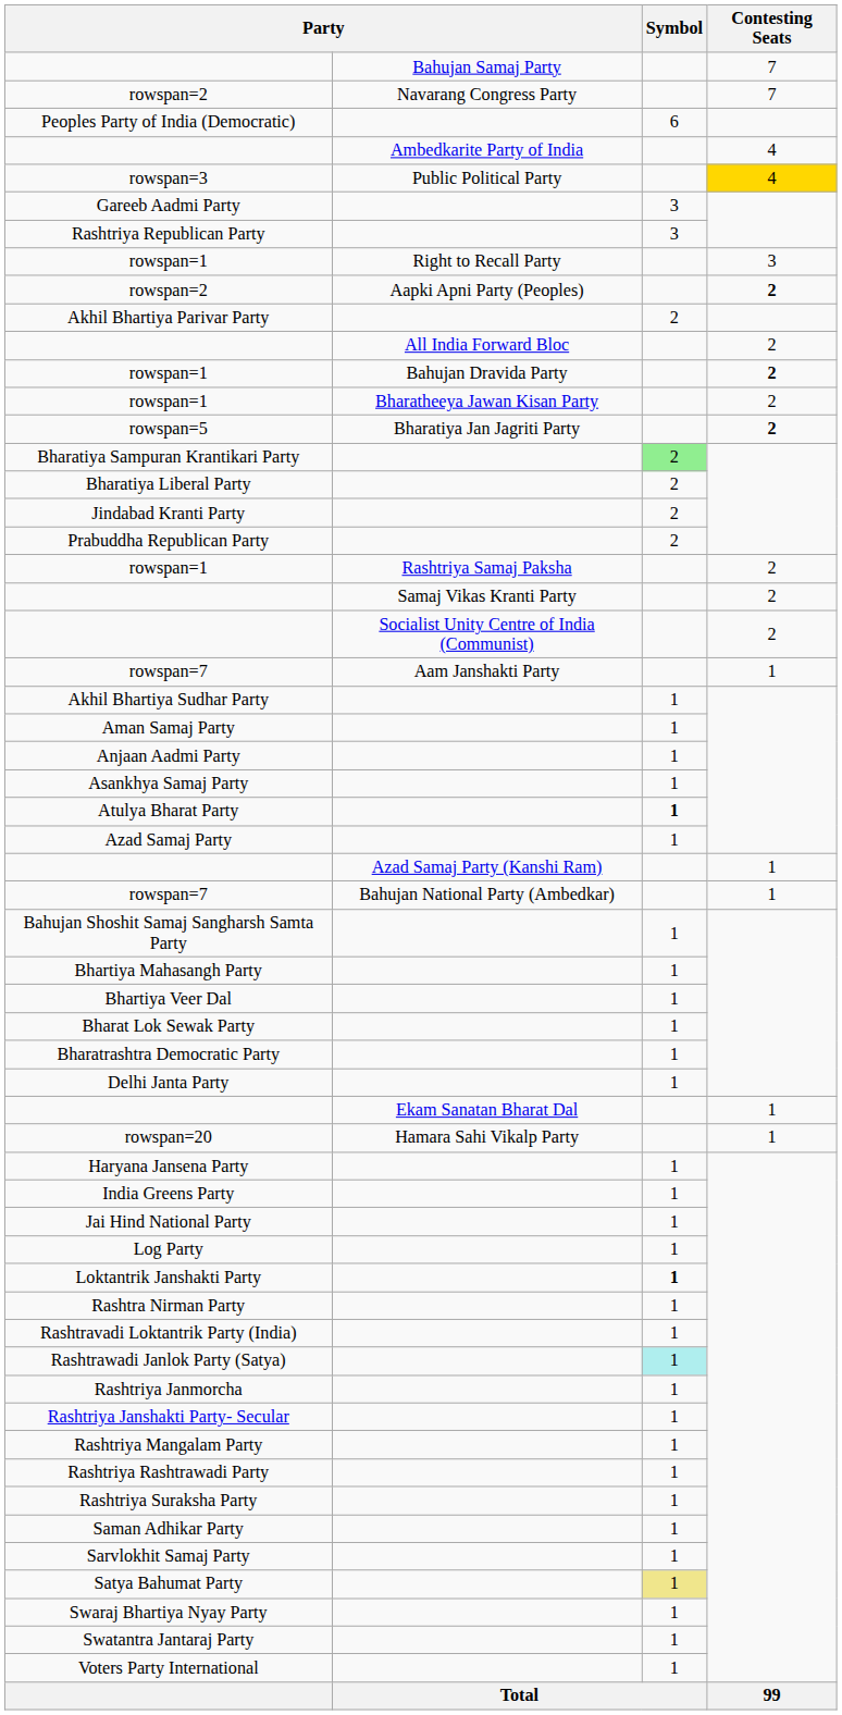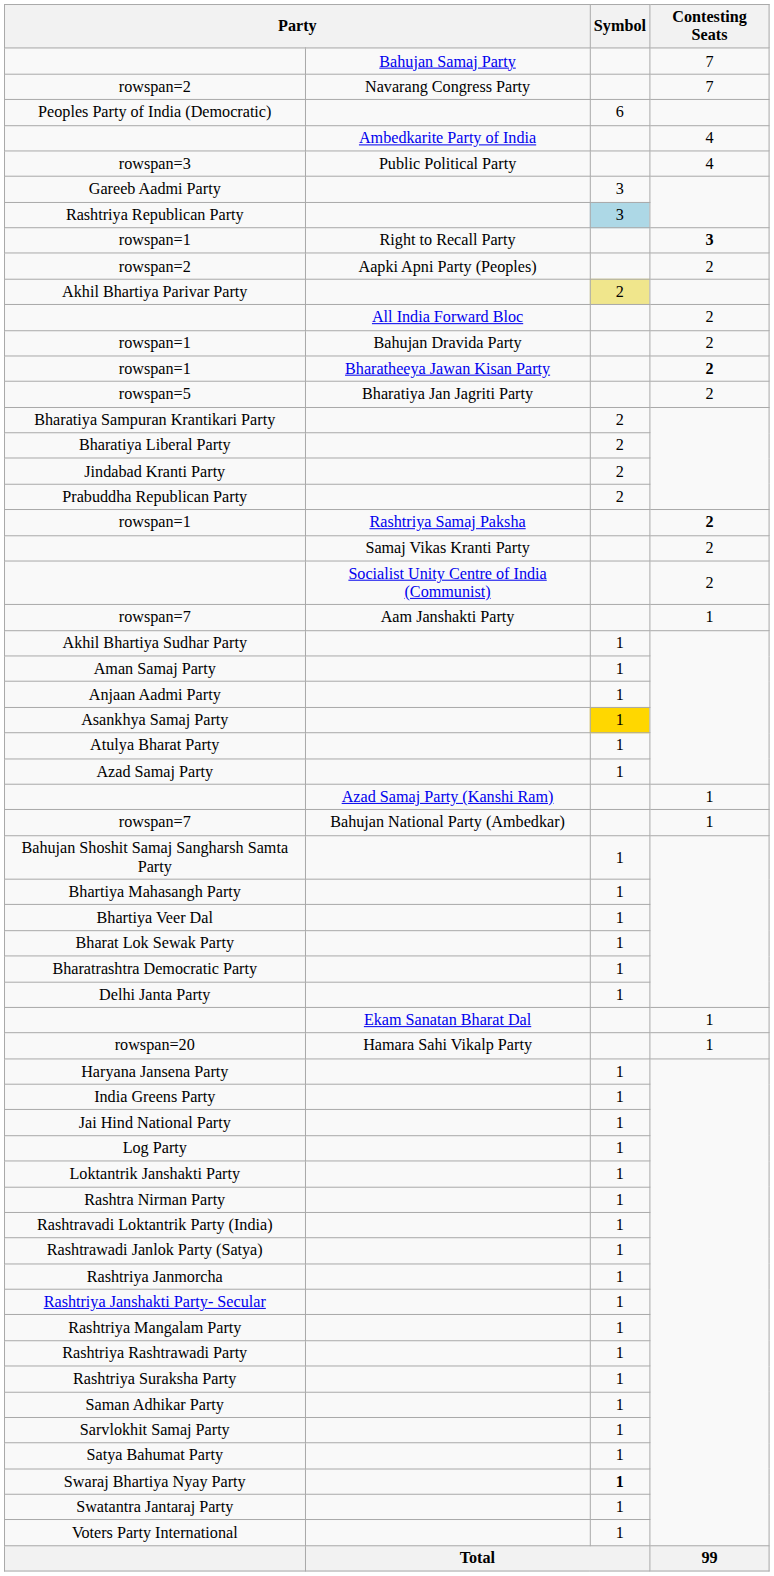 <table class="wikitable" width="60%"style="text-align:center">
 <tr>
 <th colspan="2">Party</th>
 <th>Symbol</th>
 <th>Contesting Seats</th>
 </tr>
 <tr>
 <td></td>
 <td><a href='#'>Bahujan Samaj Party</a></td>
 <td></td>
 <td>7</td>
 </tr>
 <tr>
 <td>rowspan=2 </td>
 <td>Navarang Congress Party</td>
 <td></td>
 <td>7</td>
 </tr>
 <tr>
 <td>Peoples Party of India (Democratic)</td>
 <td></td>
 <td>6</td>
 </tr>
 <tr>
 <td></td>
 <td><a href='#'>Ambedkarite Party of India</a></td>
 <td></td>
 <td>4</td>
 </tr>
 <tr>
 <td>rowspan=3 </td>
 <td>Public Political Party</td>
 <td></td>
-<td style="background: gold;">4</td>
+<td>4</td>
 </tr>
 <tr>
 <td>Gareeb Aadmi Party</td>
 <td></td>
 <td>3</td>
 </tr>
 <tr>
 <td>Rashtriya Republican Party</td>
 <td></td>
-<td>3</td>
+<td style="background: lightblue;">3</td>
 </tr>
 <tr>
 <td>rowspan=1 </td>
 <td>Right to Recall Party</td>
 <td></td>
-<td>3</td>
+<td><strong>3</strong></td>
 </tr>
 <tr>
 <td>rowspan=2 </td>
 <td>Aapki Apni Party (Peoples)</td>
 <td></td>
-<td><strong>2</strong></td>
+<td>2</td>
 </tr>
 <tr>
 <td>Akhil Bhartiya Parivar Party</td>
 <td></td>
-<td>2</td>
+<td style="background: khaki;">2</td>
 </tr>
 <tr>
 <td></td>
 <td><a href='#'>All India Forward Bloc</a></td>
 <td></td>
 <td>2</td>
 </tr>
 <tr>
 <td>rowspan=1 </td>
 <td>Bahujan Dravida Party</td>
 <td></td>
-<td><strong>2</strong></td>
+<td>2</td>
 </tr>
 <tr>
 <td>rowspan=1 </td>
 <td><a href='#'>Bharatheeya Jawan Kisan Party</a></td>
 <td></td>
-<td>2</td>
+<td><strong>2</strong></td>
 </tr>
 <tr>
 <td>rowspan=5 </td>
 <td>Bharatiya Jan Jagriti Party</td>
 <td></td>
-<td><strong>2</strong></td>
+<td>2</td>
 </tr>
 <tr>
 <td>Bharatiya Sampuran Krantikari Party</td>
 <td></td>
-<td style="background: lightgreen;">2</td>
+<td>2</td>
 </tr>
 <tr>
 <td>Bharatiya Liberal Party</td>
 <td></td>
 <td>2</td>
 </tr>
 <tr>
 <td>Jindabad Kranti Party</td>
 <td></td>
 <td>2</td>
 </tr>
 <tr>
 <td>Prabuddha Republican Party</td>
 <td></td>
 <td>2</td>
 </tr>
 <tr>
 <td>rowspan=1 </td>
 <td><a href='#'>Rashtriya Samaj Paksha</a></td>
 <td></td>
-<td>2</td>
+<td><strong>2</strong></td>
 </tr>
 <tr>
 <td></td>
 <td>Samaj Vikas Kranti Party</td>
 <td></td>
 <td>2</td>
 </tr>
 <tr>
 <td></td>
 <td><a href='#'>Socialist Unity Centre of India (Communist)</a></td>
 <td></td>
 <td>2</td>
 </tr>
 <tr>
 <td>rowspan=7 </td>
 <td>Aam Janshakti Party</td>
 <td></td>
 <td>1</td>
 </tr>
 <tr>
 <td>Akhil Bhartiya Sudhar Party</td>
 <td></td>
 <td>1</td>
 </tr>
 <tr>
 <td>Aman Samaj Party</td>
 <td></td>
 <td>1</td>
 </tr>
 <tr>
 <td>Anjaan Aadmi Party</td>
 <td></td>
 <td>1</td>
 </tr>
 <tr>
 <td>Asankhya Samaj Party</td>
 <td></td>
-<td>1</td>
+<td style="background: gold;">1</td>
 </tr>
 <tr>
 <td>Atulya Bharat Party</td>
 <td></td>
-<td><strong>1</strong></td>
+<td>1</td>
 </tr>
 <tr>
 <td>Azad Samaj Party</td>
 <td></td>
 <td>1</td>
 </tr>
 <tr>
 <td></td>
 <td><a href='#'>Azad Samaj Party (Kanshi Ram)</a></td>
 <td></td>
 <td>1</td>
 </tr>
 <tr>
 <td>rowspan=7 </td>
 <td>Bahujan National Party (Ambedkar)</td>
 <td></td>
 <td>1</td>
 </tr>
 <tr>
 <td>Bahujan Shoshit Samaj Sangharsh Samta Party</td>
 <td></td>
 <td>1</td>
 </tr>
 <tr>
 <td>Bhartiya Mahasangh Party</td>
 <td></td>
 <td>1</td>
 </tr>
 <tr>
 <td>Bhartiya Veer Dal</td>
 <td></td>
 <td>1</td>
 </tr>
 <tr>
 <td>Bharat Lok Sewak Party</td>
 <td></td>
 <td>1</td>
 </tr>
 <tr>
 <td>Bharatrashtra Democratic Party</td>
 <td></td>
 <td>1</td>
 </tr>
 <tr>
 <td>Delhi Janta Party</td>
 <td></td>
 <td>1</td>
 </tr>
 <tr>
 <td></td>
 <td><a href='#'>Ekam Sanatan Bharat Dal</a></td>
 <td></td>
 <td>1</td>
 </tr>
 <tr>
 <td>rowspan=20 </td>
 <td>Hamara Sahi Vikalp Party</td>
 <td></td>
 <td>1</td>
 </tr>
 <tr>
 <td>Haryana Jansena Party</td>
 <td></td>
 <td>1</td>
 </tr>
 <tr>
 <td>India Greens Party</td>
 <td></td>
 <td>1</td>
 </tr>
 <tr>
 <td>Jai Hind National Party</td>
 <td></td>
 <td>1</td>
 </tr>
 <tr>
 <td>Log Party</td>
 <td></td>
 <td>1</td>
 </tr>
 <tr>
 <td>Loktantrik Janshakti Party</td>
 <td></td>
-<td><strong>1</strong></td>
+<td>1</td>
 </tr>
 <tr>
 <td>Rashtra Nirman Party</td>
 <td></td>
 <td>1</td>
 </tr>
 <tr>
 <td>Rashtravadi Loktantrik Party (India)</td>
 <td></td>
 <td>1</td>
 </tr>
 <tr>
 <td>Rashtrawadi Janlok Party (Satya)</td>
 <td></td>
-<td style="background: paleturquoise;">1</td>
+<td>1</td>
 </tr>
 <tr>
 <td>Rashtriya Janmorcha</td>
 <td></td>
 <td>1</td>
 </tr>
 <tr>
 <td><a href='#'>Rashtriya Janshakti Party- Secular</a></td>
 <td></td>
 <td>1</td>
 </tr>
 <tr>
 <td>Rashtriya Mangalam Party</td>
 <td></td>
 <td>1</td>
 </tr>
 <tr>
 <td>Rashtriya Rashtrawadi Party</td>
 <td></td>
 <td>1</td>
 </tr>
 <tr>
 <td>Rashtriya Suraksha Party</td>
 <td></td>
 <td>1</td>
 </tr>
 <tr>
 <td>Saman Adhikar Party</td>
 <td></td>
 <td>1</td>
 </tr>
 <tr>
 <td>Sarvlokhit Samaj Party</td>
 <td></td>
 <td>1</td>
 </tr>
 <tr>
 <td>Satya Bahumat Party</td>
 <td></td>
-<td style="background: khaki;">1</td>
+<td>1</td>
 </tr>
 <tr>
 <td>Swaraj Bhartiya Nyay Party</td>
 <td></td>
-<td>1</td>
+<td><strong>1</strong></td>
 </tr>
 <tr>
 <td>Swatantra Jantaraj Party</td>
 <td></td>
 <td>1</td>
 </tr>
 <tr>
 <td>Voters Party International</td>
 <td></td>
 <td>1</td>
 </tr>
 <tr>
 <th></th>
 <th colspan="2">Total</th>
 <th>99</th>
 </tr>
 </table>
